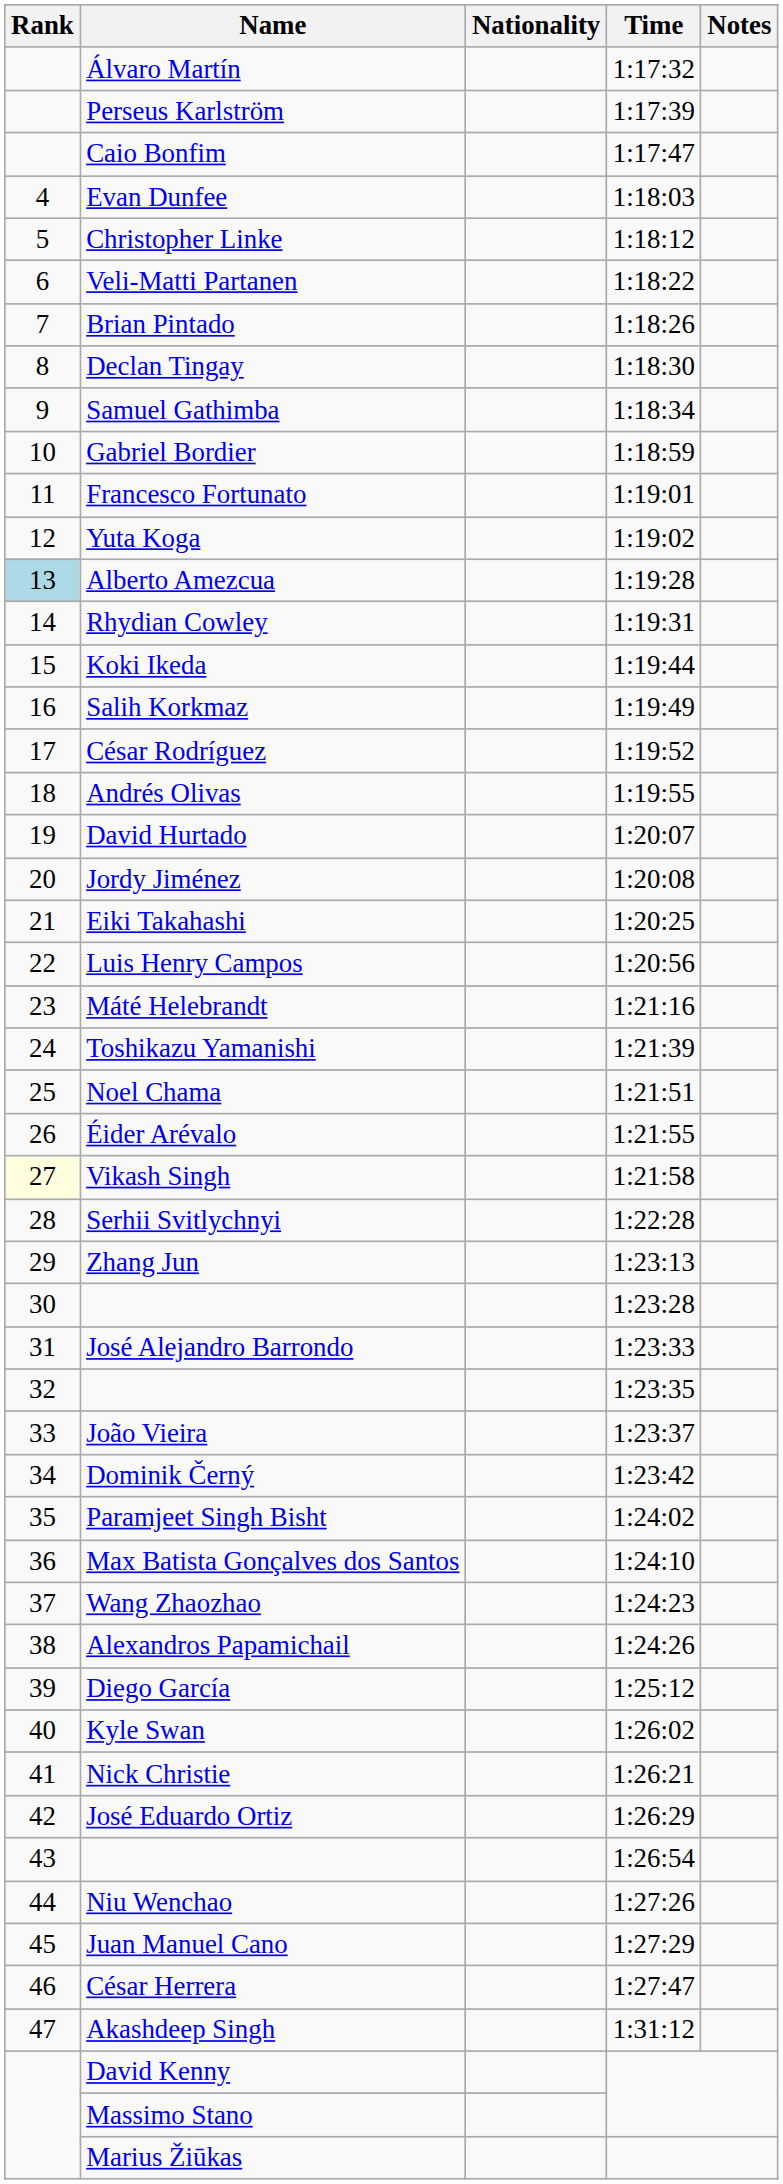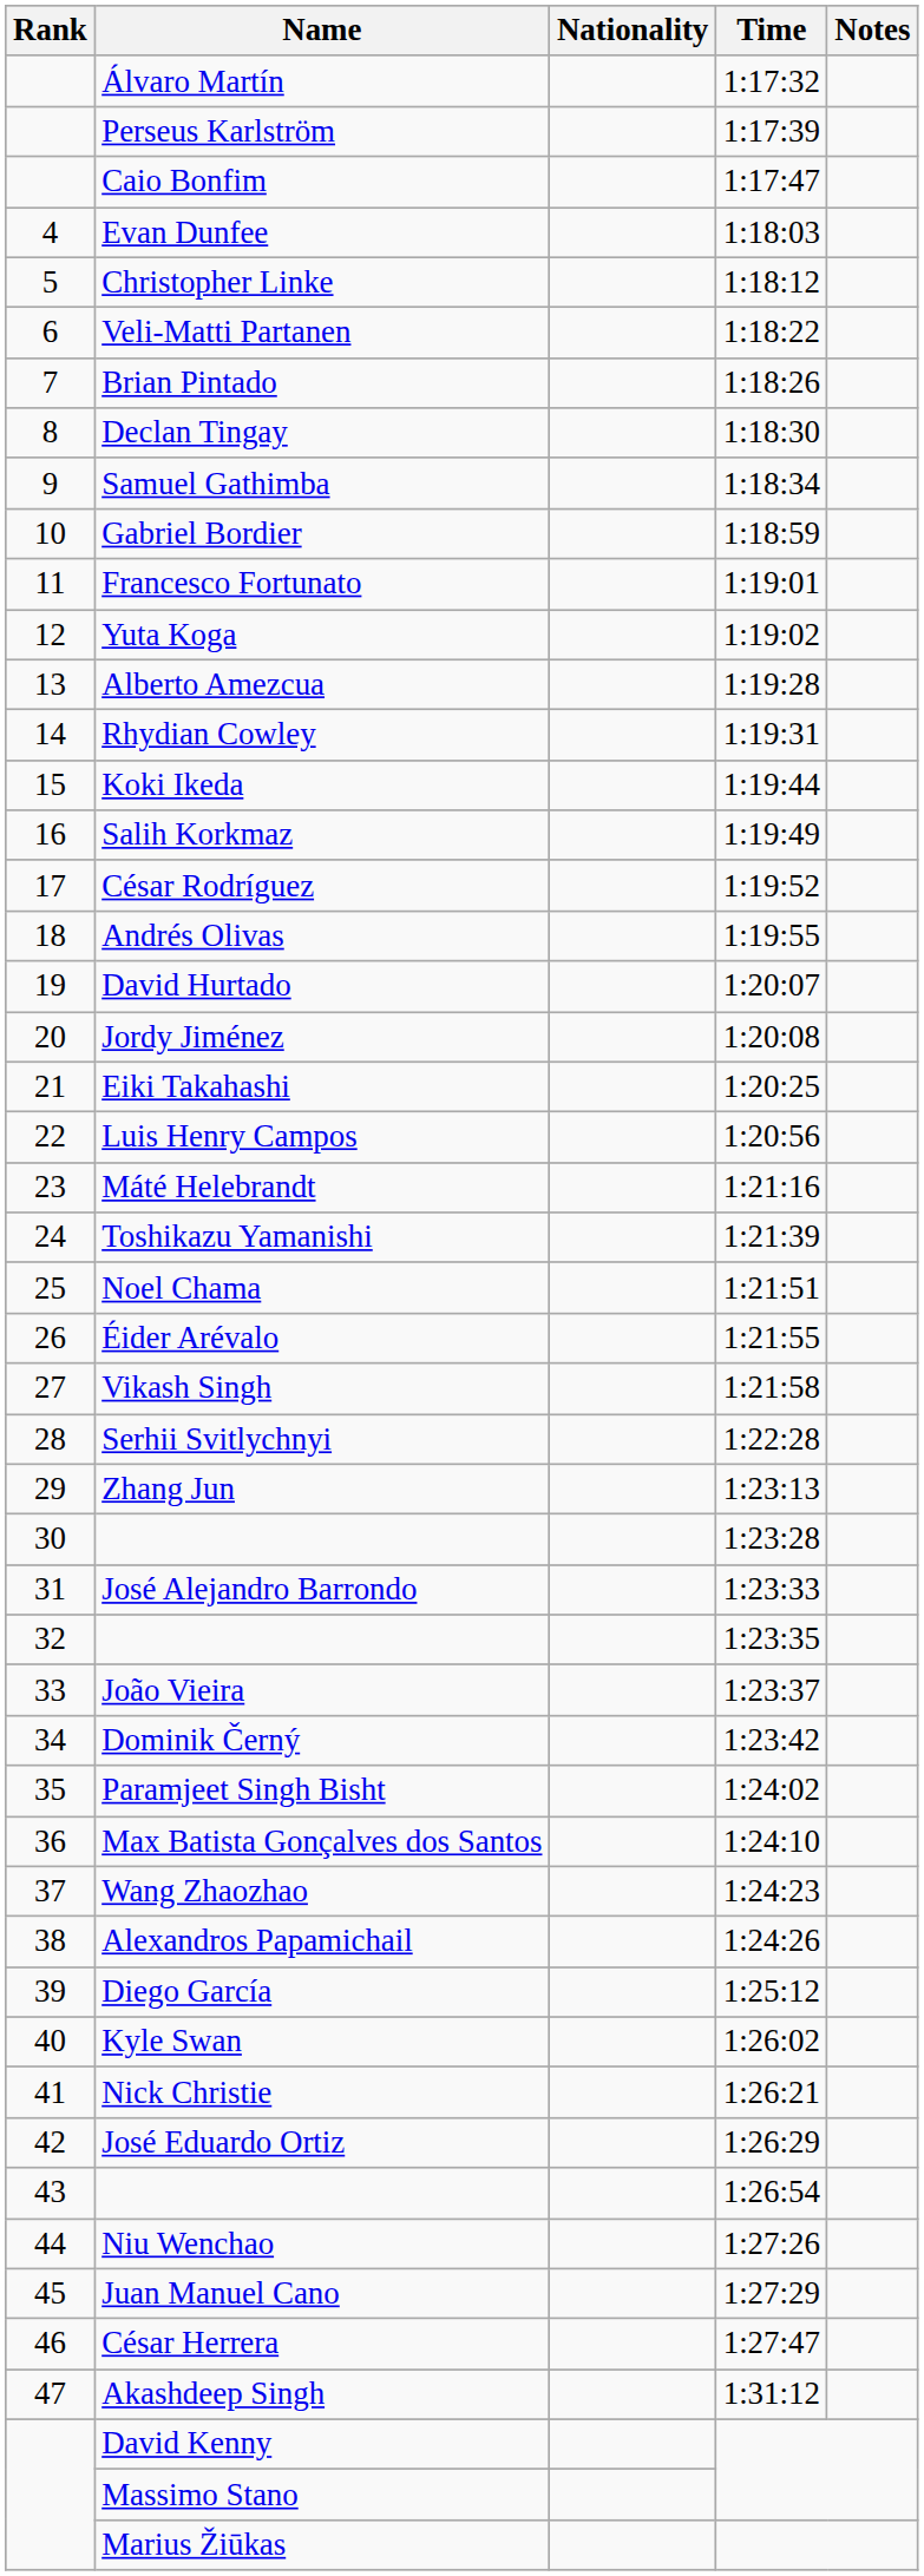 <table class="wikitable sortable" style="text-align:center">
 <tr>
 <th>Rank</th>
 <th>Name</th>
 <th>Nationality</th>
 <th>Time</th>
 <th>Notes</th>
 </tr>
 <tr>
 <td></td>
 <td align=left><a href='#'>Álvaro Martín</a></td>
 <td align=left></td>
 <td>1:17:32</td>
 <td></td>
 </tr>
 <tr>
 <td></td>
 <td align=left><a href='#'>Perseus Karlström</a></td>
 <td align=left></td>
 <td>1:17:39</td>
 <td></td>
 </tr>
 <tr>
 <td></td>
 <td align=left><a href='#'>Caio Bonfim</a></td>
 <td align=left></td>
 <td>1:17:47</td>
 <td></td>
 </tr>
 <tr>
 <td>4</td>
 <td align=left><a href='#'>Evan Dunfee</a></td>
 <td align=left></td>
 <td>1:18:03</td>
 <td></td>
 </tr>
 <tr>
 <td>5</td>
 <td align=left><a href='#'>Christopher Linke</a></td>
 <td align=left></td>
 <td>1:18:12</td>
 <td></td>
 </tr>
 <tr>
 <td>6</td>
 <td align=left><a href='#'>Veli-Matti Partanen</a></td>
 <td align=left></td>
 <td>1:18:22</td>
 <td></td>
 </tr>
 <tr>
 <td>7</td>
 <td align=left><a href='#'>Brian Pintado</a></td>
 <td align=left></td>
 <td>1:18:26</td>
 <td></td>
 </tr>
 <tr>
 <td>8</td>
 <td align=left><a href='#'>Declan Tingay</a></td>
 <td align=left></td>
 <td>1:18:30</td>
 <td></td>
 </tr>
 <tr>
 <td>9</td>
 <td align=left><a href='#'>Samuel Gathimba</a></td>
 <td align=left></td>
 <td>1:18:34</td>
 <td></td>
 </tr>
 <tr>
 <td>10</td>
 <td align=left><a href='#'>Gabriel Bordier</a></td>
 <td align=left></td>
 <td>1:18:59</td>
 <td></td>
 </tr>
 <tr>
 <td>11</td>
 <td align=left><a href='#'>Francesco Fortunato</a></td>
 <td align=left></td>
 <td>1:19:01</td>
 <td></td>
 </tr>
 <tr>
 <td>12</td>
 <td align=left><a href='#'>Yuta Koga</a></td>
 <td align=left></td>
 <td>1:19:02</td>
 <td></td>
 </tr>
 <tr>
-<td style="background: lightblue;">13</td>
+<td>13</td>
 <td align=left><a href='#'>Alberto Amezcua</a></td>
 <td align=left></td>
 <td>1:19:28</td>
 <td></td>
 </tr>
 <tr>
 <td>14</td>
 <td align=left><a href='#'>Rhydian Cowley</a></td>
 <td align=left></td>
 <td>1:19:31</td>
 <td></td>
 </tr>
 <tr>
 <td>15</td>
 <td align=left><a href='#'>Koki Ikeda</a></td>
 <td align=left></td>
 <td>1:19:44</td>
 <td></td>
 </tr>
 <tr>
 <td>16</td>
 <td align=left><a href='#'>Salih Korkmaz</a></td>
 <td align=left></td>
 <td>1:19:49</td>
 <td></td>
 </tr>
 <tr>
 <td>17</td>
 <td align=left><a href='#'>César Rodríguez</a></td>
 <td align=left></td>
 <td>1:19:52</td>
 <td></td>
 </tr>
 <tr>
 <td>18</td>
 <td align=left><a href='#'> Andrés Olivas</a></td>
 <td align=left></td>
 <td>1:19:55</td>
 <td></td>
 </tr>
 <tr>
 <td>19</td>
 <td align=left><a href='#'>David Hurtado</a></td>
 <td align=left></td>
 <td>1:20:07</td>
 <td></td>
 </tr>
 <tr>
 <td>20</td>
 <td align=left><a href='#'>Jordy Jiménez</a></td>
 <td align=left></td>
 <td>1:20:08</td>
 <td></td>
 </tr>
 <tr>
 <td>21</td>
 <td align=left><a href='#'>Eiki Takahashi</a></td>
 <td align=left></td>
 <td>1:20:25</td>
 <td></td>
 </tr>
 <tr>
 <td>22</td>
 <td align=left><a href='#'>Luis Henry Campos</a></td>
 <td align=left></td>
 <td>1:20:56</td>
 <td></td>
 </tr>
 <tr>
 <td>23</td>
 <td align=left><a href='#'>Máté Helebrandt</a></td>
 <td align=left></td>
 <td>1:21:16</td>
 <td></td>
 </tr>
 <tr>
 <td>24</td>
 <td align=left><a href='#'>Toshikazu Yamanishi</a></td>
 <td align=left></td>
 <td>1:21:39</td>
 <td></td>
 </tr>
 <tr>
 <td>25</td>
 <td align=left><a href='#'>Noel Chama</a></td>
 <td align=left></td>
 <td>1:21:51</td>
 <td></td>
 </tr>
 <tr>
 <td>26</td>
 <td align=left><a href='#'>Éider Arévalo</a></td>
 <td align=left></td>
 <td>1:21:55</td>
 <td></td>
 </tr>
 <tr>
-<td style="background: lightyellow;">27</td>
+<td>27</td>
 <td align=left><a href='#'>Vikash Singh</a></td>
 <td align=left></td>
 <td>1:21:58</td>
 <td></td>
 </tr>
 <tr>
 <td>28</td>
 <td align=left><a href='#'>Serhii Svitlychnyi</a></td>
 <td align=left></td>
 <td>1:22:28</td>
 <td></td>
 </tr>
 <tr>
 <td>29</td>
 <td align=left><a href='#'>Zhang Jun</a></td>
 <td align=left></td>
 <td>1:23:13</td>
 <td></td>
 </tr>
 <tr>
 <td>30</td>
 <td align=left></td>
 <td align=left></td>
 <td>1:23:28</td>
 <td></td>
 </tr>
 <tr>
 <td>31</td>
 <td align=left><a href='#'>José Alejandro Barrondo</a></td>
 <td align=left></td>
 <td>1:23:33</td>
 <td></td>
 </tr>
 <tr>
 <td>32</td>
 <td align=left></td>
 <td align=left></td>
 <td>1:23:35</td>
 <td></td>
 </tr>
 <tr>
 <td>33</td>
 <td align=left><a href='#'>João Vieira</a></td>
 <td align=left></td>
 <td>1:23:37</td>
 <td></td>
 </tr>
 <tr>
 <td>34</td>
 <td align=left><a href='#'>Dominik Černý</a></td>
 <td align=left></td>
 <td>1:23:42</td>
 <td></td>
 </tr>
 <tr>
 <td>35</td>
 <td align=left><a href='#'>Paramjeet Singh Bisht</a></td>
 <td align=left></td>
 <td>1:24:02</td>
 <td></td>
 </tr>
 <tr>
 <td>36</td>
 <td align=left><a href='#'>Max Batista Gonçalves dos Santos</a></td>
 <td align=left></td>
 <td>1:24:10</td>
 <td></td>
 </tr>
 <tr>
 <td>37</td>
 <td align=left><a href='#'>Wang Zhaozhao</a></td>
 <td align=left></td>
 <td>1:24:23</td>
 <td></td>
 </tr>
 <tr>
 <td>38</td>
 <td align=left><a href='#'>Alexandros Papamichail</a></td>
 <td align=left></td>
 <td>1:24:26</td>
 <td></td>
 </tr>
 <tr>
 <td>39</td>
 <td align=left><a href='#'>Diego García</a></td>
 <td align=left></td>
 <td>1:25:12</td>
 <td></td>
 </tr>
 <tr>
 <td>40</td>
 <td align=left><a href='#'>Kyle Swan</a></td>
 <td align=left></td>
 <td>1:26:02</td>
 <td></td>
 </tr>
 <tr>
 <td>41</td>
 <td align=left><a href='#'>Nick Christie</a></td>
 <td align=left></td>
 <td>1:26:21</td>
 <td></td>
 </tr>
 <tr>
 <td>42</td>
 <td align=left><a href='#'>José Eduardo Ortiz</a></td>
 <td align=left></td>
 <td>1:26:29</td>
 <td></td>
 </tr>
 <tr>
 <td>43</td>
 <td align=left></td>
 <td align=left></td>
 <td>1:26:54</td>
 <td></td>
 </tr>
 <tr>
 <td>44</td>
 <td align=left><a href='#'>Niu Wenchao</a></td>
 <td align=left></td>
 <td>1:27:26</td>
 <td></td>
 </tr>
 <tr>
 <td>45</td>
 <td align=left><a href='#'>Juan Manuel Cano</a></td>
 <td align=left></td>
 <td>1:27:29</td>
 <td></td>
 </tr>
 <tr>
 <td>46</td>
 <td align=left><a href='#'>César Herrera</a></td>
 <td align=left></td>
 <td>1:27:47</td>
 <td></td>
 </tr>
 <tr>
 <td>47</td>
 <td align=left><a href='#'>Akashdeep Singh</a></td>
 <td align="left"></td>
 <td>1:31:12</td>
 <td></td>
 </tr>
 <tr>
 <td rowspan=3></td>
 <td align=left><a href='#'>David Kenny</a></td>
 <td align=left></td>
 <td rowspan=2 colspan=2></td>
 </tr>
 <tr>
 <td align=left><a href='#'>Massimo Stano</a></td>
 <td align=left></td>
 </tr>
 <tr>
 <td align=left><a href='#'>Marius Žiūkas</a></td>
 <td align=left></td>
 <td colspan=2></td>
 </tr>
 </table>
